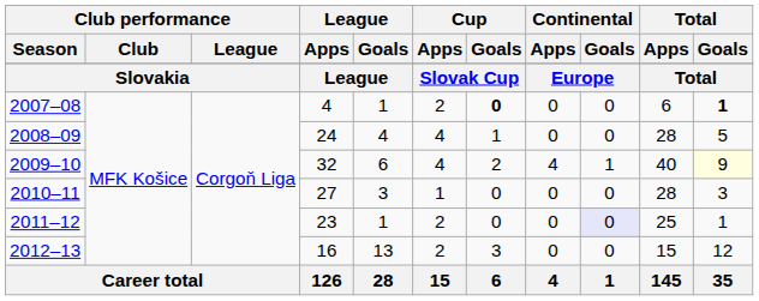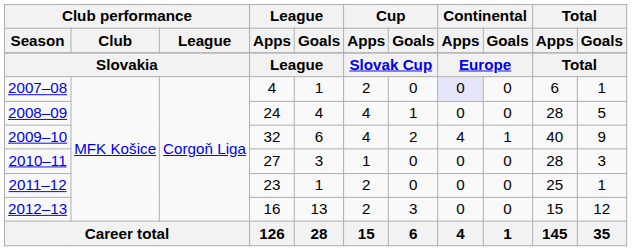 <table class="wikitable" style="text-align:center">
 <tr>
 <th colspan=3>Club performance</th>
 <th colspan=2>League</th>
 <th colspan=2>Cup</th>
 <th colspan=2>Continental</th>
 <th colspan=2>Total</th>
 </tr>
 <tr>
 <th>Season</th>
 <th>Club</th>
 <th>League</th>
 <th>Apps</th>
 <th>Goals</th>
 <th>Apps</th>
 <th>Goals</th>
 <th>Apps</th>
 <th>Goals</th>
 <th>Apps</th>
 <th>Goals</th>
 </tr>
 <tr>
 </tr>
 <tr>
 <th colspan=3>Slovakia</th>
 <th colspan=2>League</th>
 <th colspan=2><a href='#'>Slovak Cup</a></th>
 <th colspan=2><a href='#'>Europe</a></th>
 <th colspan=2>Total</th>
 </tr>
 <tr>
 <td><a href='#'>2007–08</a></td>
 <td rowspan="6"><a href='#'>MFK Košice</a></td>
 <td rowspan="6"><a href='#'>Corgoň Liga</a></td>
 <td>4</td>
 <td>1</td>
 <td>2</td>
-<td><strong>0</strong></td>
 <td>0</td>
+<td style="background: lavender;">0</td>
 <td>0</td>
 <td>6</td>
-<td><strong>1</strong></td>
+<td>1</td>
 </tr>
 <tr>
 <td><a href='#'>2008–09</a></td>
 <td>24</td>
 <td>4</td>
 <td>4</td>
 <td>1</td>
 <td>0</td>
 <td>0</td>
 <td>28</td>
 <td>5</td>
 </tr>
 <tr>
 <td><a href='#'>2009–10</a></td>
 <td>32</td>
 <td>6</td>
 <td>4</td>
 <td>2</td>
 <td>4</td>
 <td>1</td>
 <td>40</td>
-<td style="background: lightyellow;">9</td>
+<td>9</td>
 </tr>
 <tr>
 <td><a href='#'>2010–11</a></td>
 <td>27</td>
 <td>3</td>
 <td>1</td>
 <td>0</td>
 <td>0</td>
 <td>0</td>
 <td>28</td>
 <td>3</td>
 </tr>
 <tr>
 <td><a href='#'>2011–12</a></td>
 <td>23</td>
 <td>1</td>
 <td>2</td>
 <td>0</td>
 <td>0</td>
-<td style="background: lavender;">0</td>
+<td>0</td>
 <td>25</td>
 <td>1</td>
 </tr>
 <tr>
 <td><a href='#'>2012–13</a></td>
 <td>16</td>
 <td>13</td>
 <td>2</td>
 <td>3</td>
 <td>0</td>
 <td>0</td>
 <td>15</td>
 <td>12</td>
 </tr>
 <tr>
 <th colspan=3>Career total</th>
 <th>126</th>
 <th>28</th>
 <th>15</th>
 <th>6</th>
 <th>4</th>
 <th>1</th>
 <th>145</th>
 <th>35</th>
 </tr>
 </table>
